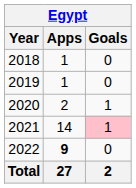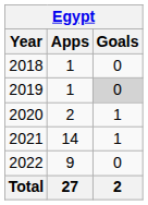 <table class="wikitable" style="text-align:center">
 <tr>
 <th colspan=3><a href='#'>Egypt</a></th>
 </tr>
 <tr>
 <th>Year</th>
 <th>Apps</th>
 <th>Goals</th>
 </tr>
 <tr>
 <td>2018</td>
 <td>1</td>
 <td>0</td>
 </tr>
 <tr>
 <td>2019</td>
 <td>1</td>
-<td>0</td>
+<td style="background: lightgrey;">0</td>
 </tr>
 <tr>
 <td>2020</td>
 <td>2</td>
 <td>1</td>
 </tr>
 <tr>
 <td>2021</td>
 <td>14</td>
-<td style="background: pink;">1</td>
+<td>1</td>
 </tr>
 <tr>
 <td>2022</td>
-<td><strong>9</strong></td>
+<td>9</td>
 <td>0</td>
 </tr>
 <tr>
 <th>Total</th>
 <th>27</th>
 <th>2</th>
 </tr>
 </table>
